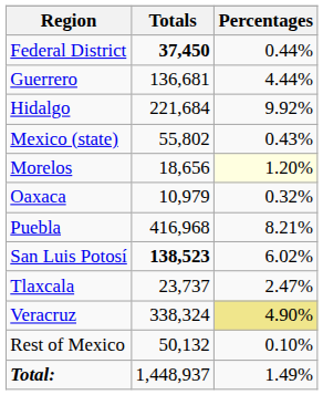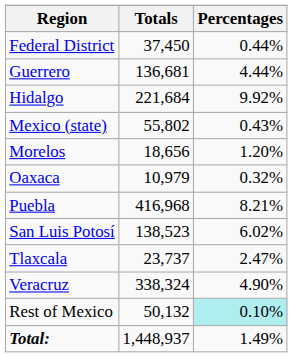 <table class="wikitable sortable" align="right">
 <tr>
 </tr>
 <tr>
 <th>Region</th>
 <th>Totals</th>
 <th>Percentages</th>
 </tr>
 <tr>
 <td><a href='#'>Federal District</a></td>
-<td align="right"><strong>37,450</strong></td>
+<td align="right">37,450</td>
 <td align="right">0.44%</td>
 </tr>
 <tr>
 <td><a href='#'>Guerrero</a></td>
 <td align="right">136,681</td>
 <td align="right">4.44%</td>
 </tr>
 <tr>
 <td><a href='#'>Hidalgo</a></td>
 <td align="right">221,684</td>
 <td align="right">9.92%</td>
 </tr>
 <tr>
 <td><a href='#'>Mexico (state)</a></td>
 <td align="right">55,802</td>
 <td align="right">0.43%</td>
 </tr>
 <tr>
 <td><a href='#'>Morelos</a></td>
 <td align="right">18,656</td>
-<td align="right" style="background: lightyellow;">1.20%</td>
+<td align="right">1.20%</td>
 </tr>
 <tr>
 <td><a href='#'>Oaxaca</a></td>
 <td align="right">10,979</td>
 <td align="right">0.32%</td>
 </tr>
 <tr>
 <td><a href='#'>Puebla</a></td>
 <td align="right">416,968</td>
 <td align="right">8.21%</td>
 </tr>
 <tr>
 <td><a href='#'>San Luis Potosí</a></td>
-<td align="right"><strong>138,523</strong></td>
+<td align="right">138,523</td>
 <td align="right">6.02%</td>
 </tr>
 <tr>
 <td><a href='#'>Tlaxcala</a></td>
 <td align="right">23,737</td>
 <td align="right">2.47%</td>
 </tr>
 <tr>
 <td><a href='#'>Veracruz</a></td>
 <td align="right">338,324</td>
-<td align="right" style="background: khaki;">4.90%</td>
+<td align="right">4.90%</td>
 </tr>
 <tr>
 <td>Rest of Mexico</td>
 <td align="right">50,132</td>
-<td align="right">0.10%</td>
+<td align="right" style="background: paleturquoise;">0.10%</td>
 </tr>
 <tr class="sortbottom">
 <td><strong><em>Total:</em></strong></td>
 <td align="right">1,448,937</td>
 <td align="right">1.49%</td>
 </tr>
 </table>
